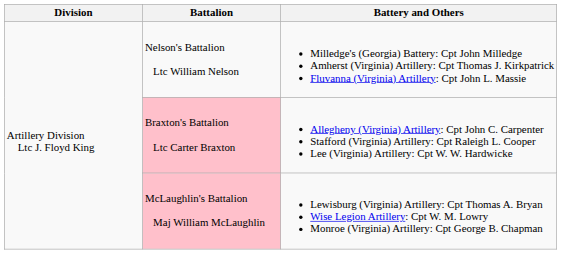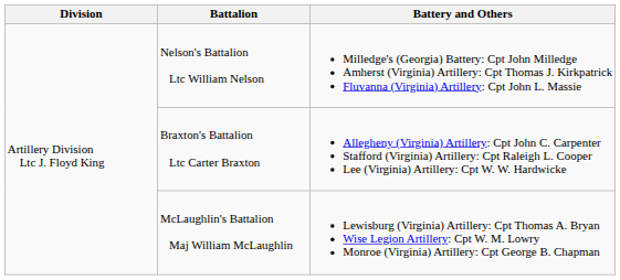 <table class="wikitable">
 <tr>
 <th width=25%>Division</th>
 <th width=25%>Battalion</th>
 <th>Battery and Others</th>
 </tr>
 <tr>
 <td rowspan=3><br>Artillery Division <br>     Ltc J. Floyd King</td>
 <td>Nelson's Battalion<br><br>   Ltc William Nelson</td>
 <td><br><ul><li>Milledge's (Georgia) Battery: Cpt John Milledge</li><li>Amherst (Virginia) Artillery: Cpt Thomas J. Kirkpatrick</li><li><a href='#'>Fluvanna (Virginia) Artillery</a>: Cpt John L. Massie</li></ul></td>
 </tr>
 <tr>
-<td style="background: pink;">Braxton's Battalion<br><br>   Ltc Carter Braxton</td>
+<td>Braxton's Battalion<br><br>   Ltc Carter Braxton</td>
 <td><br><ul><li><a href='#'>Allegheny (Virginia) Artillery</a>: Cpt John C. Carpenter</li><li>Stafford (Virginia) Artillery: Cpt Raleigh L. Cooper</li><li>Lee (Virginia) Artillery: Cpt W. W. Hardwicke</li></ul></td>
 </tr>
 <tr>
-<td style="background: pink;">McLaughlin's Battalion<br><br>   Maj William McLaughlin</td>
+<td>McLaughlin's Battalion<br><br>   Maj William McLaughlin</td>
 <td><br><ul><li>Lewisburg (Virginia) Artillery: Cpt Thomas A. Bryan</li><li><a href='#'>Wise Legion Artillery</a>: Cpt W. M. Lowry</li><li>Monroe (Virginia) Artillery: Cpt George B. Chapman</li></ul></td>
 </tr>
 </table>
